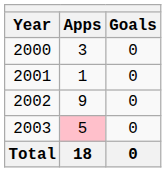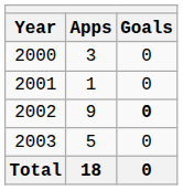 <table class="wikitable" style="text-align:center">
 <tr>
 <th colspan=3></th>
 </tr>
 <tr>
 <th>Year</th>
 <th>Apps</th>
 <th>Goals</th>
 </tr>
 <tr>
 <td>2000</td>
 <td>3</td>
 <td>0</td>
 </tr>
 <tr>
 <td>2001</td>
 <td>1</td>
 <td>0</td>
 </tr>
 <tr>
 <td>2002</td>
 <td>9</td>
-<td>0</td>
+<td><strong>0</strong></td>
 </tr>
 <tr>
 <td>2003</td>
-<td style="background: pink;">5</td>
+<td>5</td>
 <td>0</td>
 </tr>
 <tr>
 <th>Total</th>
 <th>18</th>
 <th>0</th>
 </tr>
 </table>
